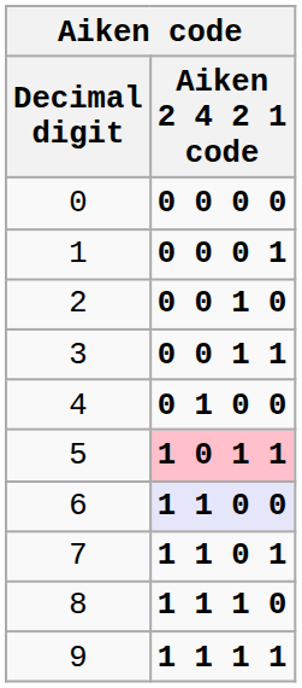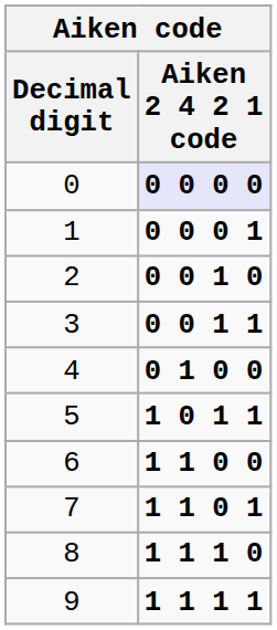 <table class="wikitable">
 <tr>
 <th colspan="4" bgcolor="#ffc0c0">Aiken code</th>
 </tr>
 <tr>
 <th bgcolor="#e0ffff"><strong>Decimal<br>digit</strong></th>
 <th bgcolor="#e0ffff"><strong>Aiken<br>2 4 2 1<br>code</strong></th>
 </tr>
 <tr>
 <td align="center">0</td>
-<td align="center"><strong>0 0 0 0</strong></td>
+<td align="center" style="background: lavender;"><strong>0 0 0 0</strong></td>
 </tr>
 <tr>
 <td align="center">1</td>
 <td align="center"><strong>0 0 0 1</strong></td>
 </tr>
 <tr>
 <td align="center">2</td>
 <td align="center"><strong>0 0 1 0</strong></td>
 </tr>
 <tr>
 <td align="center">3</td>
 <td align="center"><strong>0 0 1 1</strong></td>
 </tr>
 <tr>
 <td align="center">4</td>
 <td align="center"><strong>0 1 0 0</strong></td>
 </tr>
 <tr>
 <td align="center">5</td>
-<td align="center" style="background: pink;"><strong>1 0 1 1</strong></td>
+<td align="center"><strong>1 0 1 1</strong></td>
 </tr>
 <tr>
 <td align="center">6</td>
-<td align="center" style="background: lavender;"><strong>1 1 0 0</strong></td>
+<td align="center"><strong>1 1 0 0</strong></td>
 </tr>
 <tr>
 <td align="center">7</td>
 <td align="center"><strong>1 1 0 1</strong></td>
 </tr>
 <tr>
 <td align="center">8</td>
 <td align="center"><strong>1 1 1 0</strong></td>
 </tr>
 <tr>
 <td align="center">9</td>
 <td align="center"><strong>1 1 1 1</strong></td>
 </tr>
 </table>
